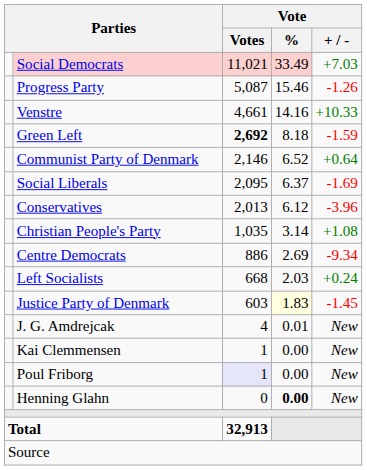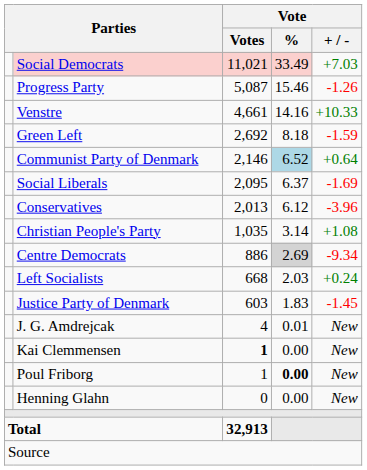 <table class="wikitable" style="text-align:right;">
 <tr>
 <th style="text-align:centre;" rowspan="2" colspan="2" width="225">Parties</th>
 <th colspan="3">Vote</th>
 </tr>
 <tr>
 <th width="15">Votes</th>
 <th width="15">%</th>
 <th width="15">+ / -</th>
 </tr>
 <tr>
 <td width="2" style="color:inherit;background:"></td>
 <td bgcolor=#fbd0ce  align="left"><a href='#'>Social Democrats</a></td>
 <td bgcolor=#fbd0ce>11,021</td>
 <td bgcolor=#fbd0ce>33.49</td>
 <td style=color:green;>+7.03</td>
 </tr>
 <tr>
 <td width="2" style="color:inherit;background:"></td>
 <td align="left"><a href='#'>Progress Party</a></td>
 <td>5,087</td>
 <td>15.46</td>
 <td style=color:red;>-1.26</td>
 </tr>
 <tr>
 <td width="2" style="color:inherit;background:"></td>
 <td align="left"><a href='#'>Venstre</a></td>
 <td>4,661</td>
 <td>14.16</td>
 <td style=color:green;>+10.33</td>
 </tr>
 <tr>
 <td width="2" style="color:inherit;background:"></td>
 <td align="left"><a href='#'>Green Left</a></td>
-<td><strong>2,692</strong></td>
+<td>2,692</td>
 <td>8.18</td>
 <td style=color:red;>-1.59</td>
 </tr>
 <tr>
 <td width="2" style="color:inherit;background:"></td>
 <td align="left"><a href='#'>Communist Party of Denmark</a></td>
 <td>2,146</td>
-<td>6.52</td>
+<td style="background: lightblue;">6.52</td>
 <td style=color:green;>+0.64</td>
 </tr>
 <tr>
 <td width="2" style="color:inherit;background:"></td>
 <td align="left"><a href='#'>Social Liberals</a></td>
 <td>2,095</td>
 <td>6.37</td>
 <td style=color:red;>-1.69</td>
 </tr>
 <tr>
 <td width="2" style="color:inherit;background:"></td>
 <td align="left"><a href='#'>Conservatives</a></td>
 <td>2,013</td>
 <td>6.12</td>
 <td style=color:red;>-3.96</td>
 </tr>
 <tr>
 <td width="2" style="color:inherit;background:"></td>
 <td align="left"><a href='#'>Christian People's Party</a></td>
 <td>1,035</td>
 <td>3.14</td>
 <td style=color:green;>+1.08</td>
 </tr>
 <tr>
 <td width="2" style="color:inherit;background:"></td>
 <td align="left"><a href='#'>Centre Democrats</a></td>
 <td>886</td>
-<td>2.69</td>
+<td style="background: lightgrey;">2.69</td>
 <td style=color:red;>-9.34</td>
 </tr>
 <tr>
 <td width="2" style="color:inherit;background:"></td>
 <td align="left"><a href='#'>Left Socialists</a></td>
 <td>668</td>
 <td>2.03</td>
 <td style=color:green;>+0.24</td>
 </tr>
 <tr>
 <td width="2" style="color:inherit;background:"></td>
 <td align="left"><a href='#'>Justice Party of Denmark</a></td>
 <td>603</td>
-<td style="background: lightyellow;">1.83</td>
+<td>1.83</td>
 <td style=color:red;>-1.45</td>
 </tr>
 <tr>
 <td width="2" style="color:inherit;background:"></td>
 <td align="left">J. G. Amdrejcak</td>
 <td>4</td>
 <td>0.01</td>
 <td><em>New</em></td>
 </tr>
 <tr>
 <td width="2" style="color:inherit;background:"></td>
 <td align="left">Kai Clemmensen</td>
-<td>1</td>
+<td><strong>1</strong></td>
 <td>0.00</td>
 <td><em>New</em></td>
 </tr>
 <tr>
 <td width="2" style="color:inherit;background:"></td>
 <td align="left">Poul Friborg</td>
-<td style="background: lavender;">1</td>
-<td>0.00</td>
+<td>1</td>
+<td><strong>0.00</strong></td>
 <td><em>New</em></td>
 </tr>
 <tr>
 <td width="2" style="color:inherit;background:"></td>
 <td align="left">Henning Glahn</td>
 <td>0</td>
-<td><strong>0.00</strong></td>
+<td>0.00</td>
 <td><em>New</em></td>
 </tr>
 <tr>
 <td colspan="7" bgcolor="#E9E9E9"></td>
 </tr>
 <tr>
 <td align="left" colspan="2"><strong>Total</strong></td>
 <td><strong>32,913</strong></td>
 <td bgcolor="#E9E9E9" colspan="2"></td>
 </tr>
 <tr>
 <td align="left" colspan="6">Source</td>
 </tr>
 </table>
